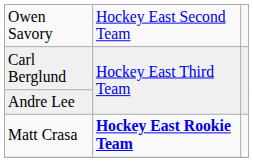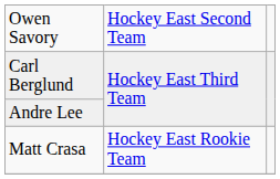 <table class="wikitable" width=40%>
 <tr>
 <td>Owen Savory</td>
 <td rowspan=1><a href='#'>Hockey East Second Team</a></td>
 <td rowspan=1></td>
 </tr>
 <tr bgcolor=f0f0f0>
 <td>Carl Berglund</td>
 <td rowspan=2><a href='#'>Hockey East Third Team</a></td>
 <td rowspan=2></td>
 </tr>
 <tr bgcolor=f0f0f0>
 <td>Andre Lee</td>
 </tr>
 <tr>
 <td>Matt Crasa</td>
-<td rowspan=1><strong><a href='#'>Hockey East Rookie Team</a></strong></td>
+<td rowspan=1><a href='#'>Hockey East Rookie Team</a></td>
 <td rowspan=1></td>
 </tr>
 <tr>
 </tr>
 </table>
